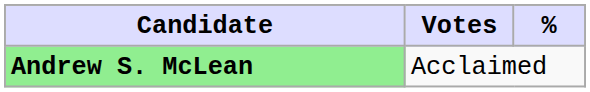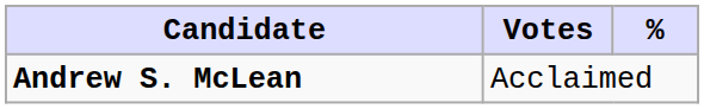 <table class="wikitable">
 <tr>
 <th style="background:#ddf; width:200px;">Candidate</th>
 <th style="background:#ddf; width:50px;">Votes</th>
 <th style="background:#ddf; width:30px;">%</th>
 </tr>
 <tr>
-<td style="background: lightgreen;"><strong>Andrew S. McLean</strong></td>
+<td><strong>Andrew S. McLean</strong></td>
 <td colspan="2">Acclaimed</td>
 </tr>
 </table>
